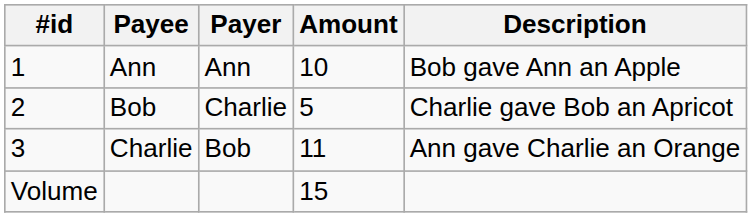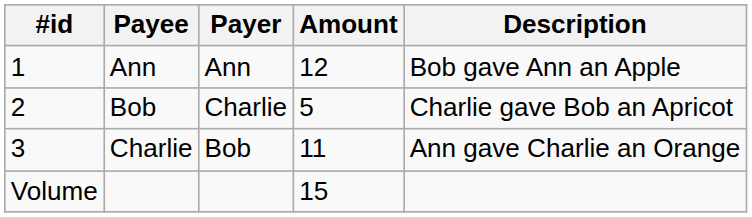 <table class="wikitable">
 <tr>
 <th>#id</th>
 <th>Payee</th>
 <th>Payer</th>
 <th>Amount</th>
 <th>Description</th>
 </tr>
 <tr>
 <td>1</td>
 <td>Ann</td>
 <td>Ann</td>
-<td>10</td>
+<td>12</td>
 <td>Bob gave Ann an Apple</td>
 </tr>
 <tr>
 <td>2</td>
 <td>Bob</td>
 <td>Charlie</td>
 <td>5</td>
 <td>Charlie gave Bob an Apricot</td>
 </tr>
 <tr>
 <td>3</td>
 <td>Charlie</td>
 <td>Bob</td>
 <td>11</td>
 <td>Ann gave Charlie an Orange</td>
 </tr>
 <tr>
 <td>Volume</td>
 <td></td>
 <td></td>
 <td>15</td>
 <td></td>
 </tr>
 </table>
